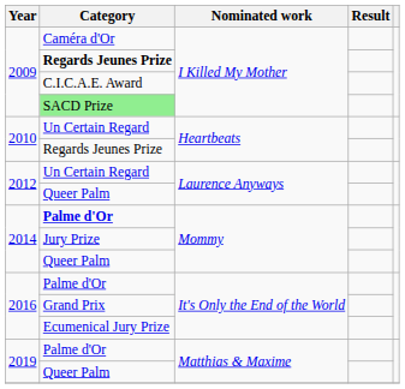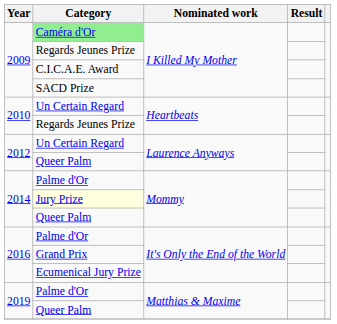 <table class="wikitable sortable">
 <tr>
 <th>Year</th>
 <th>Category</th>
 <th>Nominated work</th>
 <th>Result</th>
 <th></th>
 </tr>
 <tr>
 <td rowspan="4"><a href='#'>2009</a></td>
-<td><a href='#'>Caméra d'Or</a></td>
+<td style="background: lightgreen;"><a href='#'>Caméra d'Or</a></td>
 <td rowspan="4"><em><a href='#'>I Killed My Mother</a></em></td>
 <td></td>
 <td rowspan="4"></td>
 </tr>
 <tr>
-<td><strong>Regards Jeunes Prize</strong></td>
+<td>Regards Jeunes Prize</td>
 <td></td>
 </tr>
 <tr>
 <td>C.I.C.A.E. Award</td>
 <td></td>
 </tr>
 <tr>
-<td style="background: lightgreen;">SACD Prize</td>
+<td>SACD Prize</td>
 <td></td>
 </tr>
 <tr>
 <td rowspan="2"><a href='#'>2010</a></td>
 <td><a href='#'>Un Certain Regard</a></td>
 <td rowspan="2"><em><a href='#'>Heartbeats</a></em></td>
 <td></td>
 <td rowspan="2"></td>
 </tr>
 <tr>
 <td>Regards Jeunes Prize</td>
 <td></td>
 </tr>
 <tr>
 <td rowspan="2"><a href='#'>2012</a></td>
 <td><a href='#'>Un Certain Regard</a></td>
 <td rowspan="2"><em><a href='#'>Laurence Anyways</a></em></td>
 <td></td>
 <td rowspan="2"></td>
 </tr>
 <tr>
 <td><a href='#'>Queer Palm</a></td>
 <td></td>
 </tr>
 <tr>
 <td rowspan="3"><a href='#'>2014</a></td>
-<td><strong><a href='#'>Palme d'Or</a></strong></td>
+<td><a href='#'>Palme d'Or</a></td>
 <td rowspan="3"><em><a href='#'>Mommy</a></em></td>
 <td></td>
 <td rowspan="3"></td>
 </tr>
 <tr>
-<td><a href='#'>Jury Prize</a></td>
+<td style="background: lightyellow;"><a href='#'>Jury Prize</a></td>
 <td></td>
 </tr>
 <tr>
 <td><a href='#'>Queer Palm</a></td>
 <td></td>
 </tr>
 <tr>
 <td rowspan="3"><a href='#'>2016</a></td>
 <td><a href='#'>Palme d'Or</a></td>
 <td rowspan="3"><em><a href='#'>It's Only the End of the World</a></em></td>
 <td></td>
 <td rowspan="3"></td>
 </tr>
 <tr>
 <td><a href='#'>Grand Prix</a></td>
 <td></td>
 </tr>
 <tr>
 <td><a href='#'>Ecumenical Jury Prize</a></td>
 <td></td>
 </tr>
 <tr>
 <td rowspan="2"><a href='#'>2019</a></td>
 <td><a href='#'>Palme d'Or</a></td>
 <td rowspan="2"><em><a href='#'>Matthias & Maxime</a></em></td>
 <td></td>
 <td rowspan="2"></td>
 </tr>
 <tr>
 <td><a href='#'>Queer Palm</a></td>
 <td></td>
 </tr>
 <tr>
 </tr>
 </table>
